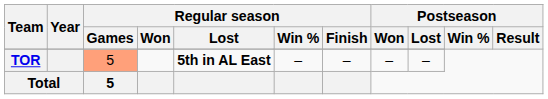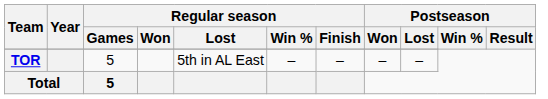 <table class="wikitable" style="font-size: 95%; text-align:center;">
 <tr>
 <th rowspan="2">Team</th>
 <th rowspan="2">Year</th>
 <th colspan="5">Regular season</th>
 <th colspan="4">Postseason</th>
 </tr>
 <tr>
 <th>Games</th>
 <th>Won</th>
 <th>Lost</th>
 <th>Win %</th>
 <th>Finish</th>
 <th>Won</th>
 <th>Lost</th>
 <th>Win %</th>
 <th>Result</th>
 </tr>
 <tr>
 </tr>
 <tr>
 <th><a href='#'>TOR</a></th>
 <th></th>
-<td style="background: lightsalmon;">5</td>
+<td>5</td>
 <td></td>
-<td><strong>5th in AL East</strong></td>
+<td>5th in AL East</td>
 <td>–</td>
 <td>–</td>
 <td>–</td>
 <td>–</td>
 </tr>
 <tr>
 <th colspan="2">Total</th>
 <th>5</th>
 <th></th>
 <th></th>
 <th></th>
 <th></th>
 </tr>
 </table>
